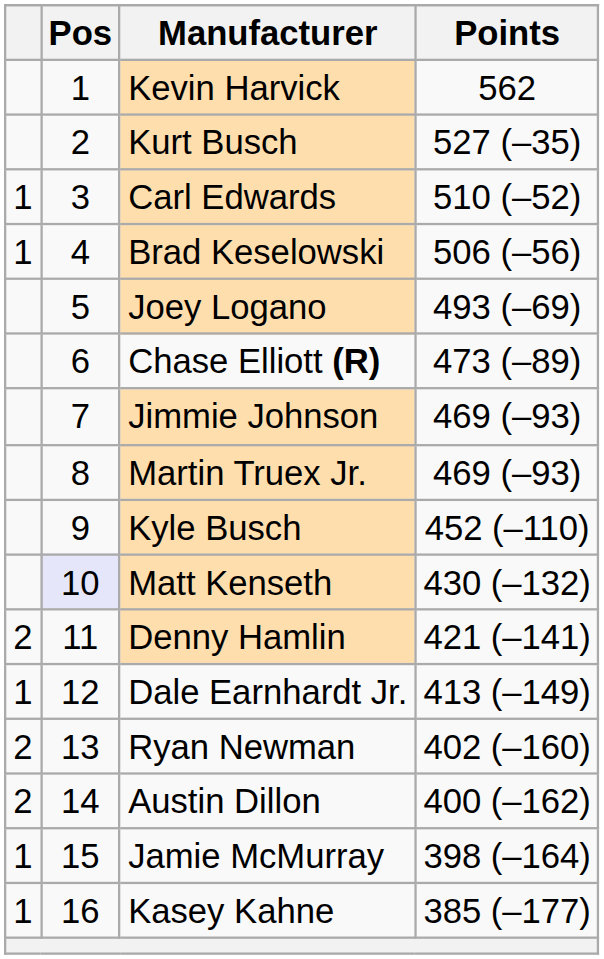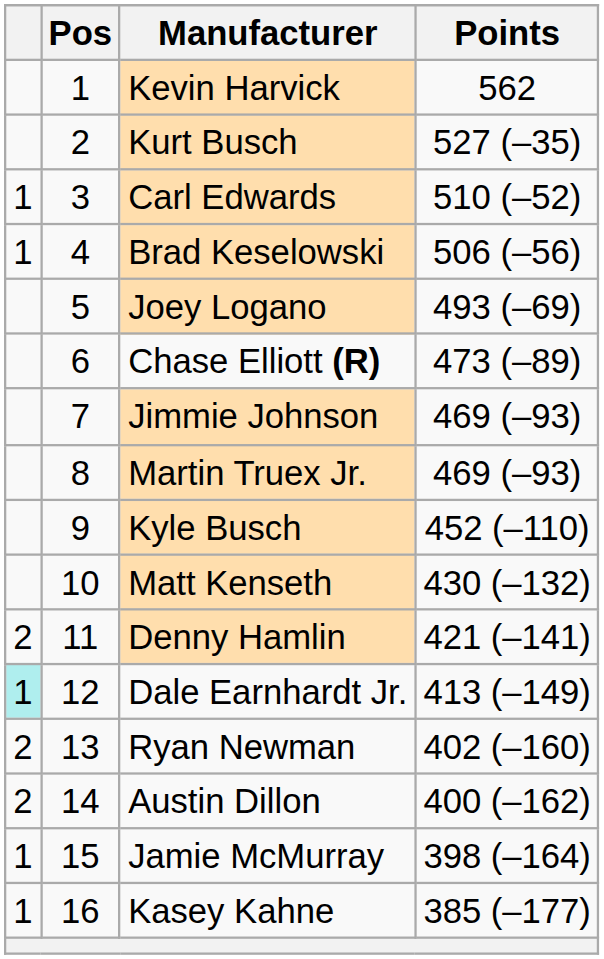 <table class="wikitable" style="font-size:95%">
 <tr>
 </tr>
 <tr>
 <th></th>
 <th>Pos</th>
 <th>Manufacturer</th>
 <th>Points</th>
 </tr>
 <tr>
 <td align="left"></td>
 <td style="text-align:center;">1</td>
 <td style="background:#FFDEAD;">Kevin Harvick</td>
 <td style="text-align:center;">562</td>
 </tr>
 <tr>
 <td align="left"></td>
 <td style="text-align:center;">2</td>
 <td style="background:#FFDEAD;">Kurt Busch</td>
 <td style="text-align:center;">527 (–35)</td>
 </tr>
 <tr>
 <td align="left"> 1</td>
 <td style="text-align:center;">3</td>
 <td style="background:#FFDEAD;">Carl Edwards</td>
 <td style="text-align:center;">510 (–52)</td>
 </tr>
 <tr>
 <td align="left"> 1</td>
 <td style="text-align:center;">4</td>
 <td style="background:#FFDEAD;">Brad Keselowski</td>
 <td style="text-align:center;">506 (–56)</td>
 </tr>
 <tr>
 <td align="left"></td>
 <td style="text-align:center;">5</td>
 <td style="background:#FFDEAD;">Joey Logano</td>
 <td style="text-align:center;">493 (–69)</td>
 </tr>
 <tr>
 <td align="left"></td>
 <td style="text-align:center;">6</td>
 <td>Chase Elliott <strong>(R)</strong></td>
 <td style="text-align:center;">473 (–89)</td>
 </tr>
 <tr>
 <td align="left"></td>
 <td style="text-align:center;">7</td>
 <td style="background:#FFDEAD;">Jimmie Johnson</td>
 <td style="text-align:center;">469 (–93)</td>
 </tr>
 <tr>
 <td align="left"></td>
 <td style="text-align:center;">8</td>
 <td style="background:#FFDEAD;">Martin Truex Jr.</td>
 <td style="text-align:center;">469 (–93)</td>
 </tr>
 <tr>
 <td align="left"></td>
 <td style="text-align:center;">9</td>
 <td style="background:#FFDEAD;">Kyle Busch</td>
 <td style="text-align:center;">452 (–110)</td>
 </tr>
 <tr>
 <td align="left"></td>
-<td style="background: lavender; text-align:center;">10</td>
+<td style="text-align:center;">10</td>
 <td style="background:#FFDEAD;">Matt Kenseth</td>
 <td style="text-align:center;">430 (–132)</td>
 </tr>
 <tr>
 <td align="left"> 2</td>
 <td style="text-align:center;">11</td>
 <td style="background:#FFDEAD;">Denny Hamlin</td>
 <td style="text-align:center;">421 (–141)</td>
 </tr>
 <tr>
-<td align="left"> 1</td>
+<td align="left" style="background: paleturquoise;"> 1</td>
 <td style="text-align:center;">12</td>
 <td>Dale Earnhardt Jr.</td>
 <td style="text-align:center;">413 (–149)</td>
 </tr>
 <tr>
 <td align="left"> 2</td>
 <td style="text-align:center;">13</td>
 <td>Ryan Newman</td>
 <td style="text-align:center;">402 (–160)</td>
 </tr>
 <tr>
 <td align="left"> 2</td>
 <td style="text-align:center;">14</td>
 <td>Austin Dillon</td>
 <td style="text-align:center;">400 (–162)</td>
 </tr>
 <tr>
 <td align="left"> 1</td>
 <td style="text-align:center;">15</td>
 <td>Jamie McMurray</td>
 <td style="text-align:center;">398 (–164)</td>
 </tr>
 <tr>
 <td align="left"> 1</td>
 <td style="text-align:center;">16</td>
 <td>Kasey Kahne</td>
 <td style="text-align:center;">385 (–177)</td>
 </tr>
 <tr class="sortbottom">
 <th colspan="9"></th>
 </tr>
 </table>
